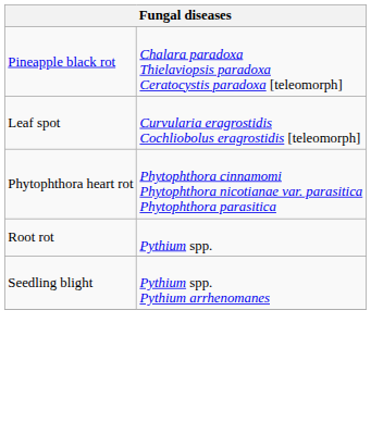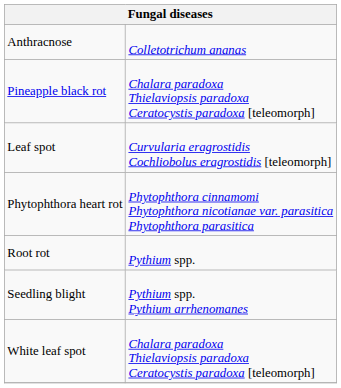 <table class="wikitable" style="clear">
 <tr>
 <th colspan=2><strong>Fungal diseases</strong><br></th>
+</tr>
+<tr>
+<td>Anthracnose</td>
+<td><br><em><a href='#'>Colletotrichum ananas</a></em></td>
 </tr>
 <tr>
 <td><a href='#'>Pineapple black rot</a></td>
 <td><br><em><a href='#'>Chalara paradoxa</a></em> <br>  <em><a href='#'>Thielaviopsis paradoxa</a></em><br> <em><a href='#'>Ceratocystis paradoxa</a></em> [teleomorph]</td>
 </tr>
 <tr>
 <td>Leaf spot</td>
 <td><br><em><a href='#'>Curvularia eragrostidis</a></em><br> <em><a href='#'>Cochliobolus eragrostidis</a></em> [teleomorph]</td>
 </tr>
 <tr>
 <td>Phytophthora heart rot</td>
 <td><br><em><a href='#'>Phytophthora cinnamomi</a></em><br> <em><a href='#'>Phytophthora nicotianae var. parasitica</a></em> <br>  <em><a href='#'>Phytophthora parasitica</a></em></td>
 </tr>
 <tr>
 <td>Root rot</td>
 <td><br><em><a href='#'>Pythium</a></em> spp.</td>
 </tr>
 <tr>
 <td>Seedling blight</td>
 <td><br><em><a href='#'>Pythium</a></em> spp. <br> <em><a href='#'>Pythium arrhenomanes</a></em></td>
 </tr>
 <tr>
+<td>White leaf spot</td>
+<td><br><em><a href='#'>Chalara paradoxa</a></em> <br>  <em><a href='#'>Thielaviopsis paradoxa</a></em><br> <em><a href='#'>Ceratocystis paradoxa</a></em> [teleomorph]</td>
+</tr>
+<tr>
 </tr>
 </table>
